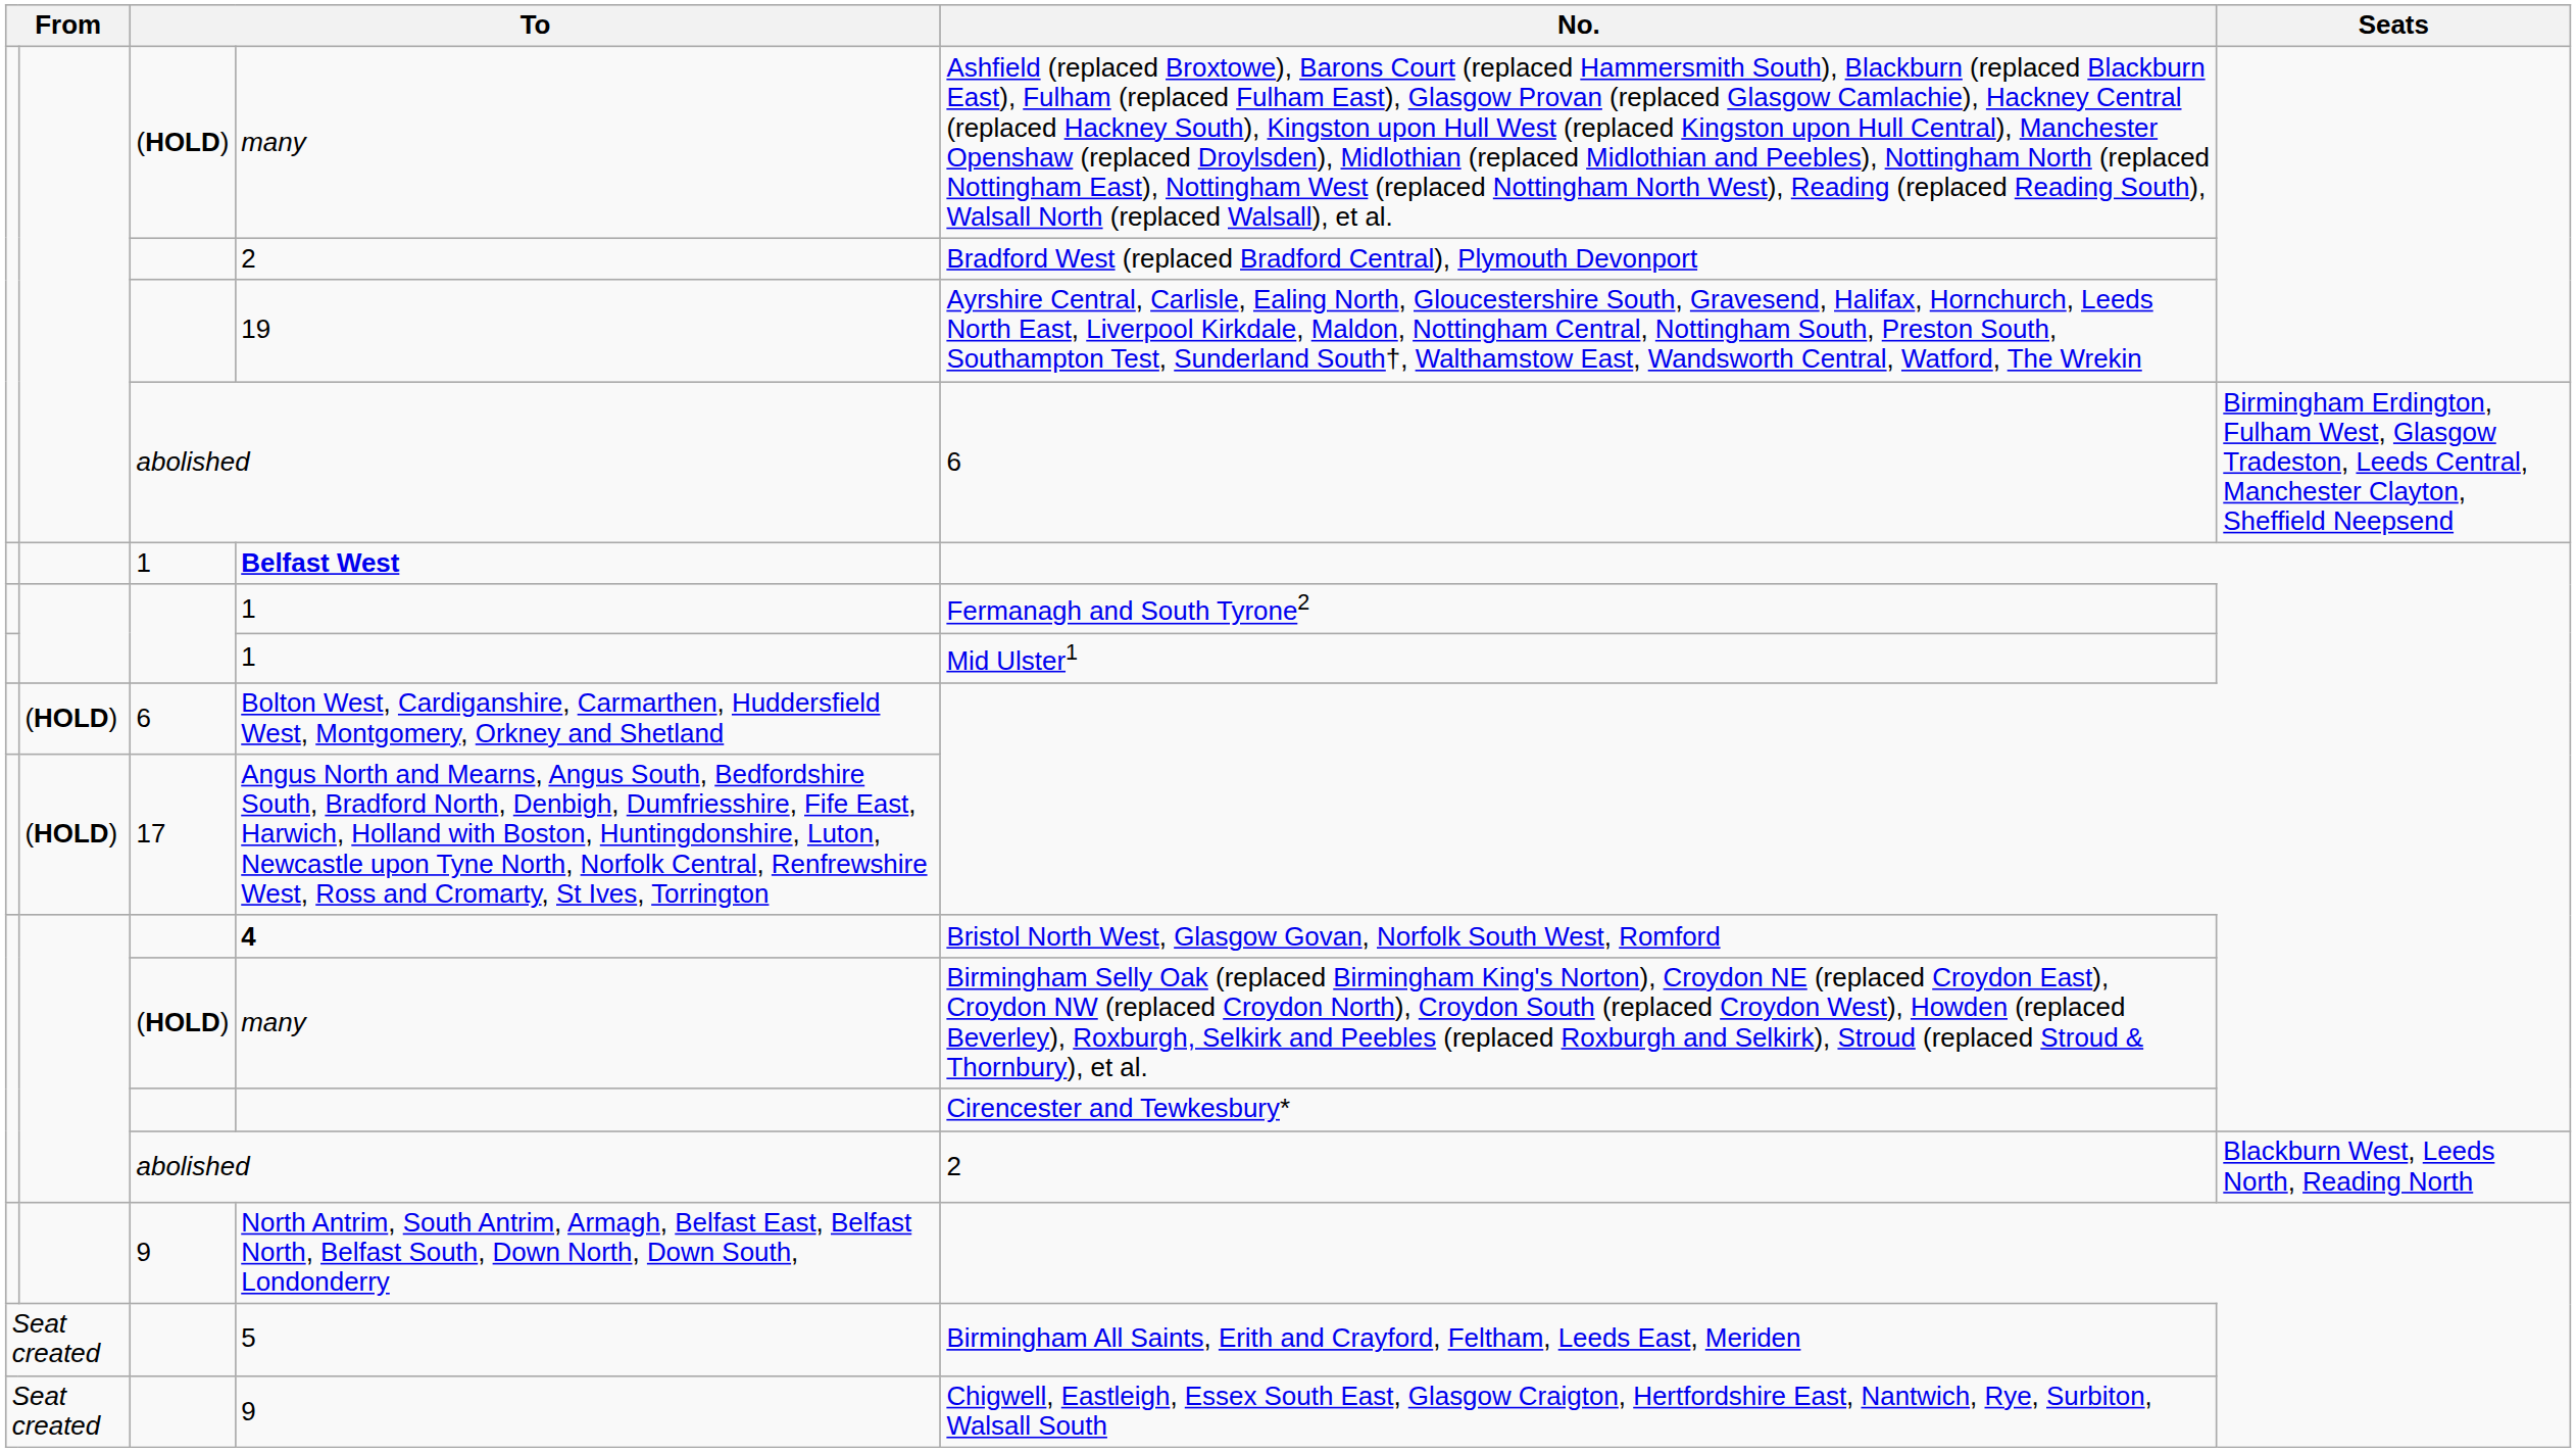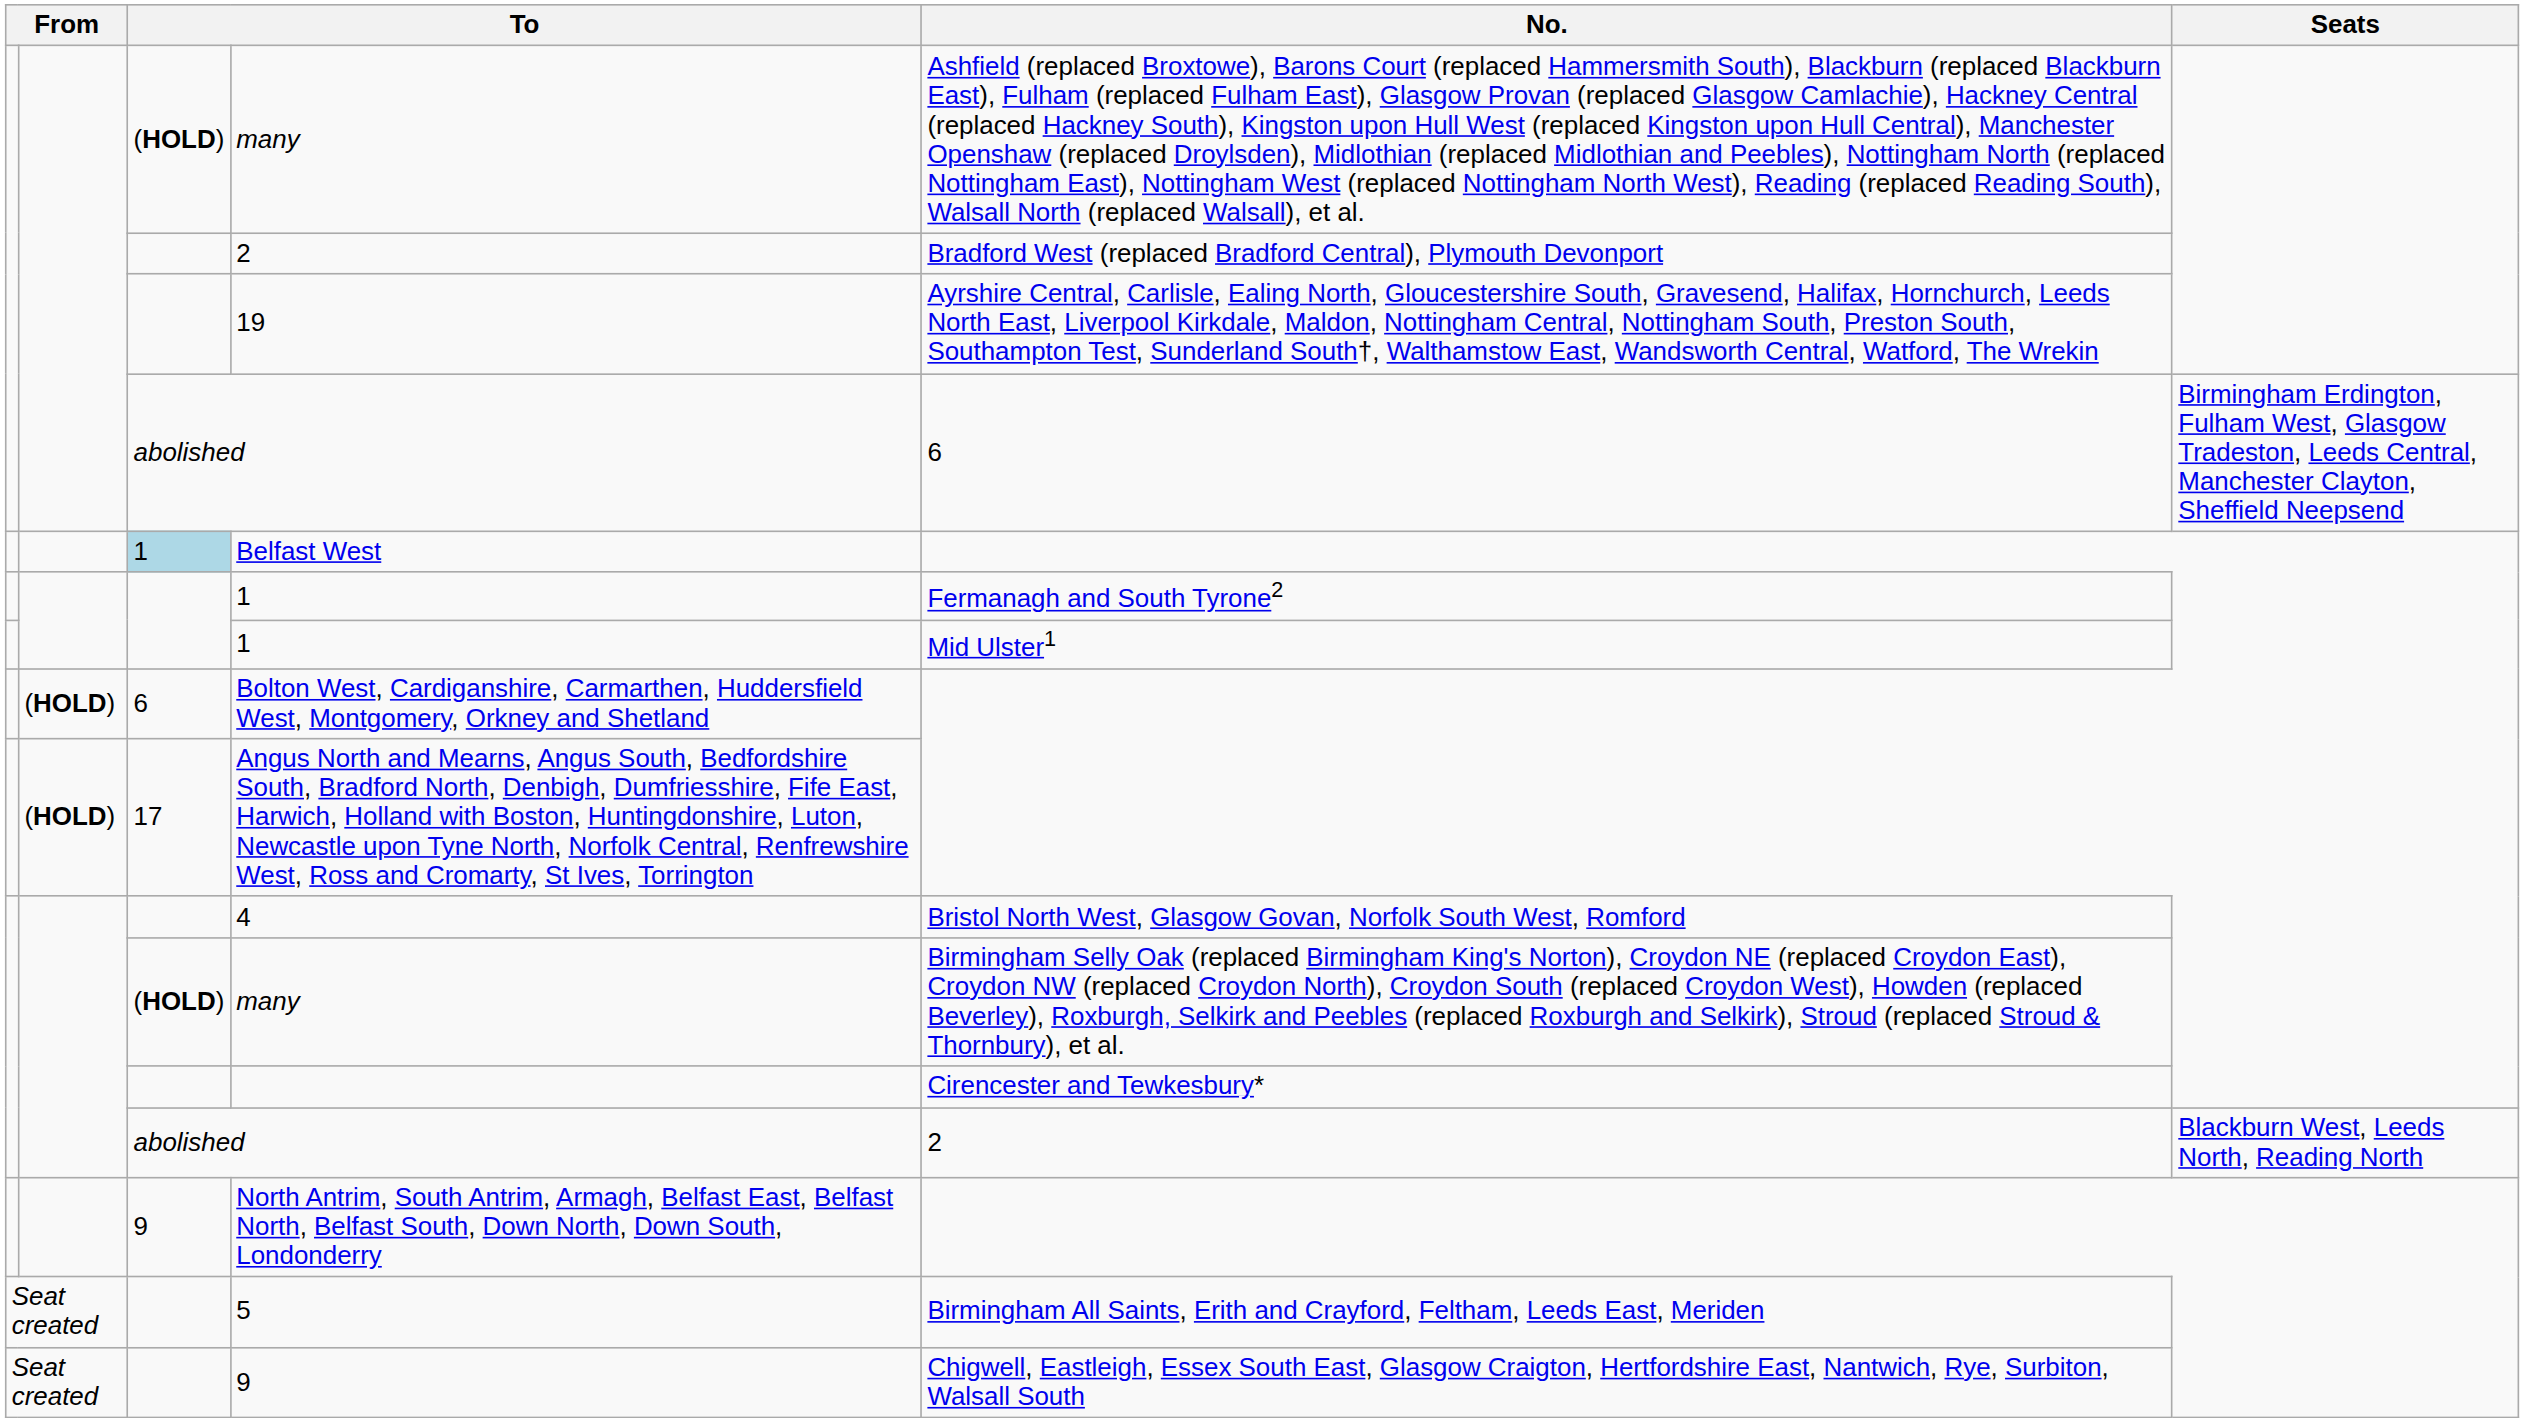 <table class="wikitable sortable" style="margin:1em">
 <tr>
 <th colspan=2>From</th>
 <th colspan=2>To</th>
 <th>No.</th>
 <th class=unsortable>Seats</th>
 </tr>
 <tr>
 <td rowspan=4 style="color:inherit;background:"></td>
 <td rowspan=4></td>
 <td> (<strong>HOLD</strong>)</td>
 <td><em>many</em></td>
 <td><a href='#'>Ashfield</a> (replaced <a href='#'>Broxtowe</a>), <a href='#'>Barons Court</a> (replaced <a href='#'>Hammersmith South</a>), <a href='#'>Blackburn</a> (replaced <a href='#'>Blackburn East</a>), <a href='#'>Fulham</a> (replaced <a href='#'>Fulham East</a>), <a href='#'>Glasgow Provan</a> (replaced <a href='#'>Glasgow Camlachie</a>), <a href='#'>Hackney Central</a> (replaced <a href='#'>Hackney South</a>), <a href='#'>Kingston upon Hull West</a> (replaced <a href='#'>Kingston upon Hull Central</a>), <a href='#'>Manchester Openshaw</a> (replaced <a href='#'>Droylsden</a>), <a href='#'>Midlothian</a> (replaced <a href='#'>Midlothian and Peebles</a>), <a href='#'>Nottingham North</a> (replaced <a href='#'>Nottingham East</a>), <a href='#'>Nottingham West</a> (replaced <a href='#'>Nottingham North West</a>), <a href='#'>Reading</a> (replaced <a href='#'>Reading South</a>), <a href='#'>Walsall North</a> (replaced <a href='#'>Walsall</a>), et al.</td>
 </tr>
 <tr>
 <td></td>
 <td>2</td>
 <td><a href='#'>Bradford West</a> (replaced <a href='#'>Bradford Central</a>), <a href='#'>Plymouth Devonport</a></td>
 </tr>
 <tr>
 <td></td>
 <td>19</td>
 <td><a href='#'>Ayrshire Central</a>, <a href='#'>Carlisle</a>, <a href='#'>Ealing North</a>, <a href='#'>Gloucestershire South</a>, <a href='#'>Gravesend</a>, <a href='#'>Halifax</a>, <a href='#'>Hornchurch</a>, <a href='#'>Leeds North East</a>, <a href='#'>Liverpool Kirkdale</a>, <a href='#'>Maldon</a>, <a href='#'>Nottingham Central</a>, <a href='#'>Nottingham South</a>, <a href='#'>Preston South</a>, <a href='#'>Southampton Test</a>, <a href='#'>Sunderland South</a>†, <a href='#'>Walthamstow East</a>, <a href='#'>Wandsworth Central</a>, <a href='#'>Watford</a>, <a href='#'>The Wrekin</a></td>
 </tr>
 <tr>
 <td colspan=2><em>abolished</em></td>
 <td>6</td>
 <td><a href='#'>Birmingham Erdington</a>, <a href='#'>Fulham West</a>, <a href='#'>Glasgow Tradeston</a>, <a href='#'>Leeds Central</a>, <a href='#'>Manchester Clayton</a>, <a href='#'>Sheffield Neepsend</a></td>
 </tr>
 <tr>
 <td></td>
 <td></td>
-<td>1</td>
-<td><strong><a href='#'>Belfast West</a></strong></td>
+<td style="background: lightblue;">1</td>
+<td><a href='#'>Belfast West</a></td>
 </tr>
 <tr>
 <td></td>
 <td rowspan=2 style="color:inherit;background:"></td>
 <td rowspan=2></td>
 <td>1</td>
 <td><a href='#'>Fermanagh and South Tyrone</a><sup>2</sup></td>
 </tr>
 <tr>
 <td></td>
 <td>1</td>
 <td><a href='#'>Mid Ulster</a><sup>1</sup></td>
 </tr>
 <tr>
 <td></td>
 <td> (<strong>HOLD</strong>)</td>
 <td>6</td>
 <td><a href='#'>Bolton West</a>, <a href='#'>Cardiganshire</a>, <a href='#'>Carmarthen</a>, <a href='#'>Huddersfield West</a>, <a href='#'>Montgomery</a>, <a href='#'>Orkney and Shetland</a></td>
 </tr>
 <tr>
 <td></td>
 <td> (<strong>HOLD</strong>)</td>
 <td>17</td>
 <td><a href='#'>Angus North and Mearns</a>, <a href='#'>Angus South</a>, <a href='#'>Bedfordshire South</a>, <a href='#'>Bradford North</a>, <a href='#'>Denbigh</a>, <a href='#'>Dumfriesshire</a>, <a href='#'>Fife East</a>, <a href='#'>Harwich</a>, <a href='#'>Holland with Boston</a>, <a href='#'>Huntingdonshire</a>, <a href='#'>Luton</a>, <a href='#'>Newcastle upon Tyne North</a>, <a href='#'>Norfolk Central</a>, <a href='#'>Renfrewshire West</a>, <a href='#'>Ross and Cromarty</a>, <a href='#'>St Ives</a>, <a href='#'>Torrington</a></td>
 </tr>
 <tr>
 <td rowspan=4 style="color:inherit;background:"></td>
 <td rowspan=4></td>
 <td></td>
-<td><strong>4</strong></td>
+<td>4</td>
 <td><a href='#'>Bristol North West</a>, <a href='#'>Glasgow Govan</a>, <a href='#'>Norfolk South West</a>, <a href='#'>Romford</a></td>
 </tr>
 <tr>
 <td> (<strong>HOLD</strong>)</td>
 <td><em>many</em></td>
 <td><a href='#'>Birmingham Selly Oak</a> (replaced <a href='#'>Birmingham King's Norton</a>), <a href='#'>Croydon NE</a> (replaced <a href='#'>Croydon East</a>), <a href='#'>Croydon NW</a> (replaced <a href='#'>Croydon North</a>), <a href='#'>Croydon South</a> (replaced <a href='#'>Croydon West</a>), <a href='#'>Howden</a> (replaced <a href='#'>Beverley</a>), <a href='#'>Roxburgh, Selkirk and Peebles</a> (replaced <a href='#'>Roxburgh and Selkirk</a>), <a href='#'>Stroud</a> (replaced <a href='#'>Stroud & Thornbury</a>), et al.</td>
 </tr>
 <tr>
 <td></td>
 <td></td>
 <td><a href='#'>Cirencester and Tewkesbury</a>*</td>
 </tr>
 <tr>
 <td colspan=2><em>abolished</em></td>
 <td>2</td>
 <td><a href='#'>Blackburn West</a>, <a href='#'>Leeds North</a>, <a href='#'>Reading North</a></td>
 </tr>
 <tr>
 <td></td>
 <td></td>
 <td>9</td>
 <td><a href='#'>North Antrim</a>, <a href='#'>South Antrim</a>, <a href='#'>Armagh</a>, <a href='#'>Belfast East</a>, <a href='#'>Belfast North</a>, <a href='#'>Belfast South</a>, <a href='#'>Down North</a>, <a href='#'>Down South</a>, <a href='#'>Londonderry</a></td>
 </tr>
 <tr>
 <td colspan=2><em>Seat created</em></td>
 <td></td>
 <td>5</td>
 <td><a href='#'>Birmingham All Saints</a>, <a href='#'>Erith and Crayford</a>, <a href='#'>Feltham</a>, <a href='#'>Leeds East</a>, <a href='#'>Meriden</a></td>
 </tr>
 <tr>
 <td colspan=2><em>Seat created</em></td>
 <td></td>
 <td>9</td>
 <td><a href='#'>Chigwell</a>, <a href='#'>Eastleigh</a>, <a href='#'>Essex South East</a>, <a href='#'>Glasgow Craigton</a>, <a href='#'>Hertfordshire East</a>, <a href='#'>Nantwich</a>, <a href='#'>Rye</a>, <a href='#'>Surbiton</a>, <a href='#'>Walsall South</a></td>
 </tr>
 </table>
